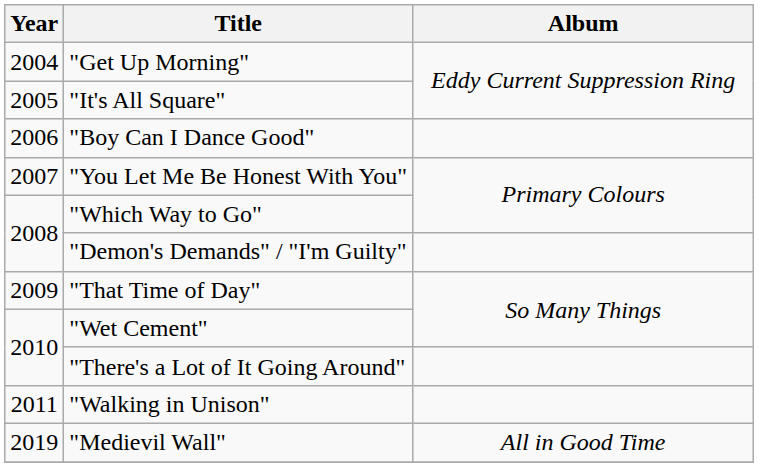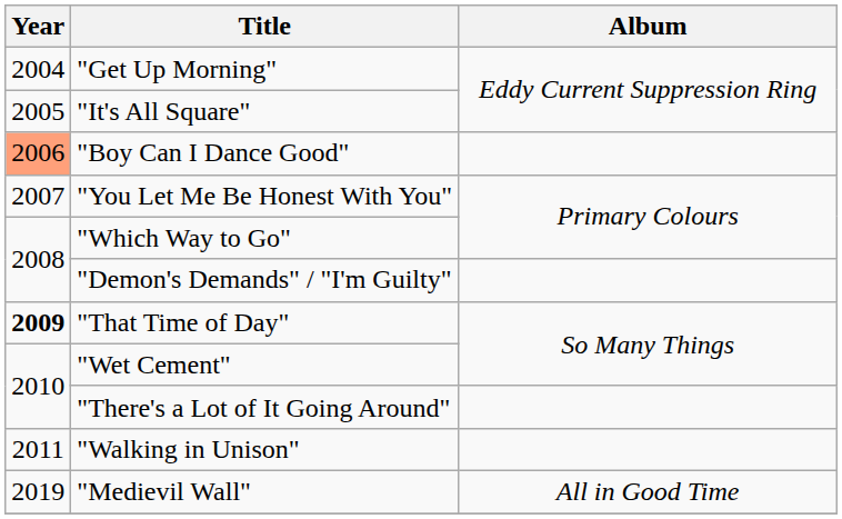 <table class="wikitable" style="text-align:center;">
 <tr>
 <th scope="col">Year</th>
 <th scope="col">Title</th>
 <th scope="col" width="220">Album</th>
 </tr>
 <tr>
 <td>2004</td>
 <td align="left">"Get Up Morning"</td>
 <td rowspan="2"><em>Eddy Current Suppression Ring</em></td>
 </tr>
 <tr>
 <td>2005</td>
 <td align="left">"It's All Square"</td>
 </tr>
 <tr>
-<td>2006</td>
+<td style="background: lightsalmon;">2006</td>
 <td align="left">"Boy Can I Dance Good"</td>
 <td></td>
 </tr>
 <tr>
 <td>2007</td>
 <td align="left">"You Let Me Be Honest With You"</td>
 <td rowspan="2"><em>Primary Colours</em></td>
 </tr>
 <tr>
 <td rowspan="2">2008</td>
 <td align="left">"Which Way to Go"</td>
 </tr>
 <tr>
 <td align="left">"Demon's Demands" / "I'm Guilty"</td>
 <td></td>
 </tr>
 <tr>
-<td>2009</td>
+<td><strong>2009</strong></td>
 <td align="left">"That Time of Day"</td>
 <td rowspan="2"><em>So Many Things</em></td>
 </tr>
 <tr>
 <td rowspan="2">2010</td>
 <td align="left">"Wet Cement"</td>
 </tr>
 <tr>
 <td align="left">"There's a Lot of It Going Around"</td>
 <td></td>
 </tr>
 <tr>
 <td>2011</td>
 <td align="left">"Walking in Unison"</td>
 <td></td>
 </tr>
 <tr>
 <td>2019</td>
 <td align="left">"Medievil Wall"</td>
 <td><em>All in Good Time</em></td>
 </tr>
 <tr>
 </tr>
 </table>
